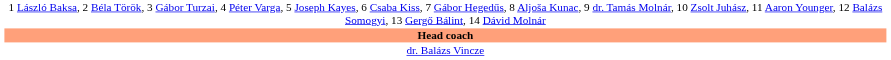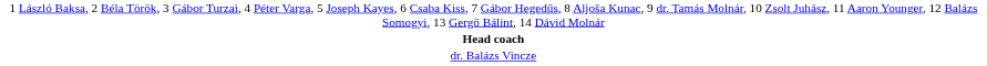 <table style="text-align: center; margin-top: 2em; margin-left: auto; margin-right: auto">
 <tr>
 <td>1 <a href='#'>László Baksa</a>, 2 <a href='#'>Béla Török</a>, 3 <a href='#'>Gábor Turzai</a>, 4 <a href='#'>Péter Varga</a>, 5 <a href='#'>Joseph Kayes</a>, 6 <a href='#'>Csaba Kiss</a>, 7 <a href='#'>Gábor Hegedűs</a>, 8 <a href='#'>Aljoša Kunac</a>, 9 <a href='#'>dr. Tamás Molnár</a>, 10 <a href='#'>Zsolt Juhász</a>, 11 <a href='#'>Aaron Younger</a>, 12 <a href='#'>Balázs Somogyi</a>, 13 <a href='#'>Gergő Bálint</a>, 14 <a href='#'>Dávid Molnár</a></td>
 </tr>
 <tr>
-<td style="background: lightsalmon;"><strong>Head coach</strong></td>
+<td><strong>Head coach</strong></td>
 </tr>
 <tr>
 <td><a href='#'>dr. Balázs Vincze</a></td>
 </tr>
 </table>
